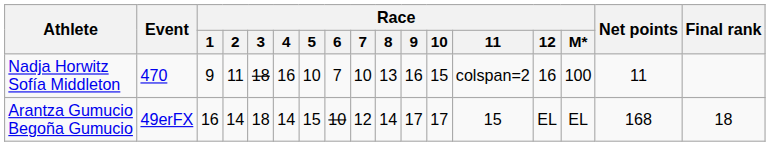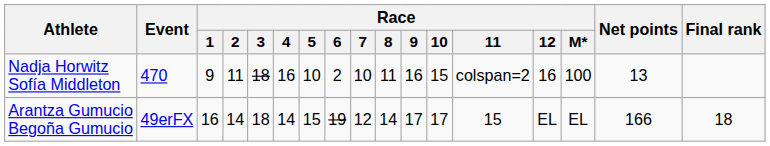 <table class="wikitable" style="font-size:90%">
 <tr>
 <th rowspan="2">Athlete</th>
 <th rowspan="2">Event</th>
 <th colspan=13>Race</th>
 <th rowspan=2>Net points</th>
 <th rowspan=2>Final rank</th>
 </tr>
 <tr style="font-size:95%">
 <th>1</th>
 <th>2</th>
 <th>3</th>
 <th>4</th>
 <th>5</th>
 <th>6</th>
 <th>7</th>
 <th>8</th>
 <th>9</th>
 <th>10</th>
 <th>11</th>
 <th>12</th>
 <th>M*</th>
 </tr>
 <tr align=center>
 <td align=left><a href='#'>Nadja Horwitz</a><br><a href='#'>Sofía Middleton</a></td>
 <td align=left><a href='#'>470</a></td>
 <td>9</td>
 <td>11</td>
 <td><s>18</s></td>
 <td>16</td>
 <td>10</td>
-<td>7</td>
+<td>2</td>
 <td>10</td>
-<td>13</td>
+<td>11</td>
 <td>16</td>
 <td>15</td>
 <td>colspan=2 </td>
 <td>16</td>
 <td>100</td>
-<td>11</td>
+<td>13</td>
 </tr>
 <tr align=center>
 <td align=left><a href='#'>Arantza Gumucio</a><br><a href='#'>Begoña Gumucio</a></td>
 <td align=left><a href='#'>49erFX</a></td>
 <td>16</td>
 <td>14</td>
 <td>18</td>
 <td>14</td>
 <td>15</td>
-<td><s>10</s></td>
+<td><s>19</s></td>
 <td>12</td>
 <td>14</td>
 <td>17</td>
 <td>17</td>
 <td>15</td>
 <td>EL</td>
 <td>EL</td>
-<td>168</td>
+<td>166</td>
 <td>18</td>
 </tr>
 </table>
